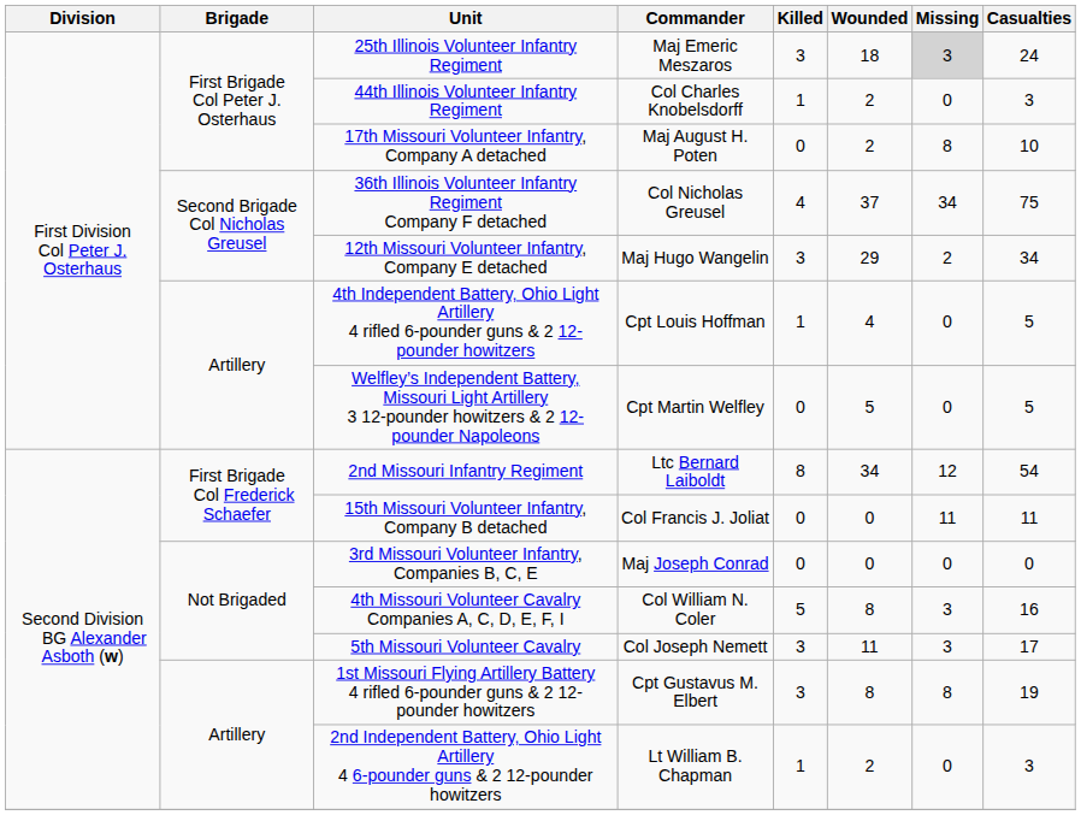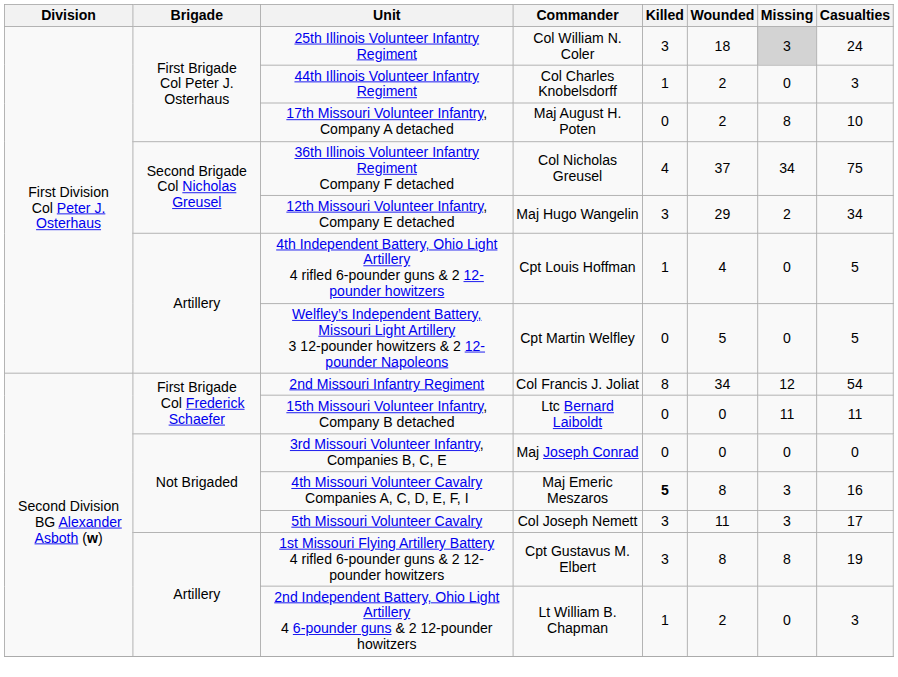 <table class="wikitable" style="text-align:center; width:80%;">
 <tr>
 <th width=15%>Division</th>
 <th width=15%>Brigade</th>
 <th width=30%>Unit</th>
 <th width=15%>Commander</th>
 <th>Killed</th>
 <th>Wounded</th>
 <th>Missing</th>
 <th>Casualties</th>
 </tr>
 <tr>
 <td rowspan=7><br>First Division<br>Col <a href='#'>Peter J. Osterhaus</a></td>
 <td rowspan=3>First Brigade<br>Col Peter J. Osterhaus</td>
 <td><a href='#'>25th Illinois Volunteer Infantry Regiment</a></td>
-<td>Maj Emeric Meszaros</td>
+<td>Col William N. Coler</td>
 <td>3</td>
 <td>18</td>
 <td style="background: lightgrey;">3</td>
 <td>24</td>
 </tr>
 <tr>
 <td><a href='#'>44th Illinois Volunteer Infantry Regiment</a></td>
 <td>Col Charles Knobelsdorff</td>
 <td>1</td>
 <td>2</td>
 <td>0</td>
 <td>3</td>
 </tr>
 <tr>
 <td><a href='#'>17th Missouri Volunteer Infantry</a>, Company A detached</td>
 <td>Maj August H. Poten</td>
 <td>0</td>
 <td>2</td>
 <td>8</td>
 <td>10</td>
 </tr>
 <tr>
 <td rowspan=2>Second Brigade<br>Col <a href='#'>Nicholas Greusel</a></td>
 <td><a href='#'>36th Illinois Volunteer Infantry Regiment</a><br>Company F detached</td>
 <td>Col Nicholas Greusel</td>
 <td>4</td>
 <td>37</td>
 <td>34</td>
 <td>75</td>
 </tr>
 <tr>
 <td><a href='#'>12th Missouri Volunteer Infantry</a>, Company E detached</td>
 <td>Maj Hugo Wangelin</td>
 <td>3</td>
 <td>29</td>
 <td>2</td>
 <td>34</td>
 </tr>
 <tr>
 <td rowspan=2>Artillery</td>
 <td><a href='#'>4th Independent Battery, Ohio Light Artillery</a><br>4 rifled 6-pounder guns & 2 <a href='#'>12-pounder howitzers</a></td>
 <td>Cpt Louis Hoffman</td>
 <td>1</td>
 <td>4</td>
 <td>0</td>
 <td>5</td>
 </tr>
 <tr>
 <td><a href='#'>Welfley’s Independent Battery, Missouri Light Artillery</a><br>3 12-pounder howitzers & 2 <a href='#'>12-pounder Napoleons</a></td>
 <td>Cpt Martin Welfley</td>
 <td>0</td>
 <td>5</td>
 <td>0</td>
 <td>5</td>
 </tr>
 <tr>
 <td rowspan=7><br>Second Division <br>      BG <a href='#'>Alexander Asboth</a> (<strong>w</strong>)</td>
 <td rowspan=2>First Brigade<br>   Col <a href='#'>Frederick Schaefer</a></td>
 <td><a href='#'>2nd Missouri Infantry Regiment</a></td>
-<td>Ltc <a href='#'>Bernard Laiboldt</a></td>
+<td>Col Francis J. Joliat</td>
 <td>8</td>
 <td>34</td>
 <td>12</td>
 <td>54</td>
 </tr>
 <tr>
 <td><a href='#'>15th Missouri Volunteer Infantry</a>, Company B detached</td>
-<td>Col Francis J. Joliat</td>
+<td>Ltc <a href='#'>Bernard Laiboldt</a></td>
 <td>0</td>
 <td>0</td>
 <td>11</td>
 <td>11</td>
 </tr>
 <tr>
 <td rowspan=3>Not Brigaded</td>
 <td><a href='#'>3rd Missouri Volunteer Infantry</a>, Companies B, C, E</td>
 <td>Maj <a href='#'>Joseph Conrad</a></td>
 <td>0</td>
 <td>0</td>
 <td>0</td>
 <td>0</td>
 </tr>
 <tr>
 <td><a href='#'>4th Missouri Volunteer Cavalry</a><br>Companies A, C, D, E, F, I</td>
-<td>Col William N. Coler</td>
-<td>5</td>
+<td>Maj Emeric Meszaros</td>
+<td><strong>5</strong></td>
 <td>8</td>
 <td>3</td>
 <td>16</td>
 </tr>
 <tr>
 <td><a href='#'>5th Missouri Volunteer Cavalry</a></td>
 <td>Col Joseph Nemett</td>
 <td>3</td>
 <td>11</td>
 <td>3</td>
 <td>17</td>
 </tr>
 <tr>
 <td rowspan=2>Artillery</td>
 <td><a href='#'>1st Missouri Flying Artillery Battery</a><br>4 rifled 6-pounder guns & 2 12-pounder howitzers</td>
 <td>Cpt Gustavus M. Elbert</td>
 <td>3</td>
 <td>8</td>
 <td>8</td>
 <td>19</td>
 </tr>
 <tr>
 <td><a href='#'>2nd Independent Battery, Ohio Light Artillery</a><br>4 <a href='#'>6-pounder guns</a> & 2 12-pounder howitzers</td>
 <td>Lt William B. Chapman</td>
 <td>1</td>
 <td>2</td>
 <td>0</td>
 <td>3</td>
 </tr>
 <tr>
 </tr>
 </table>
